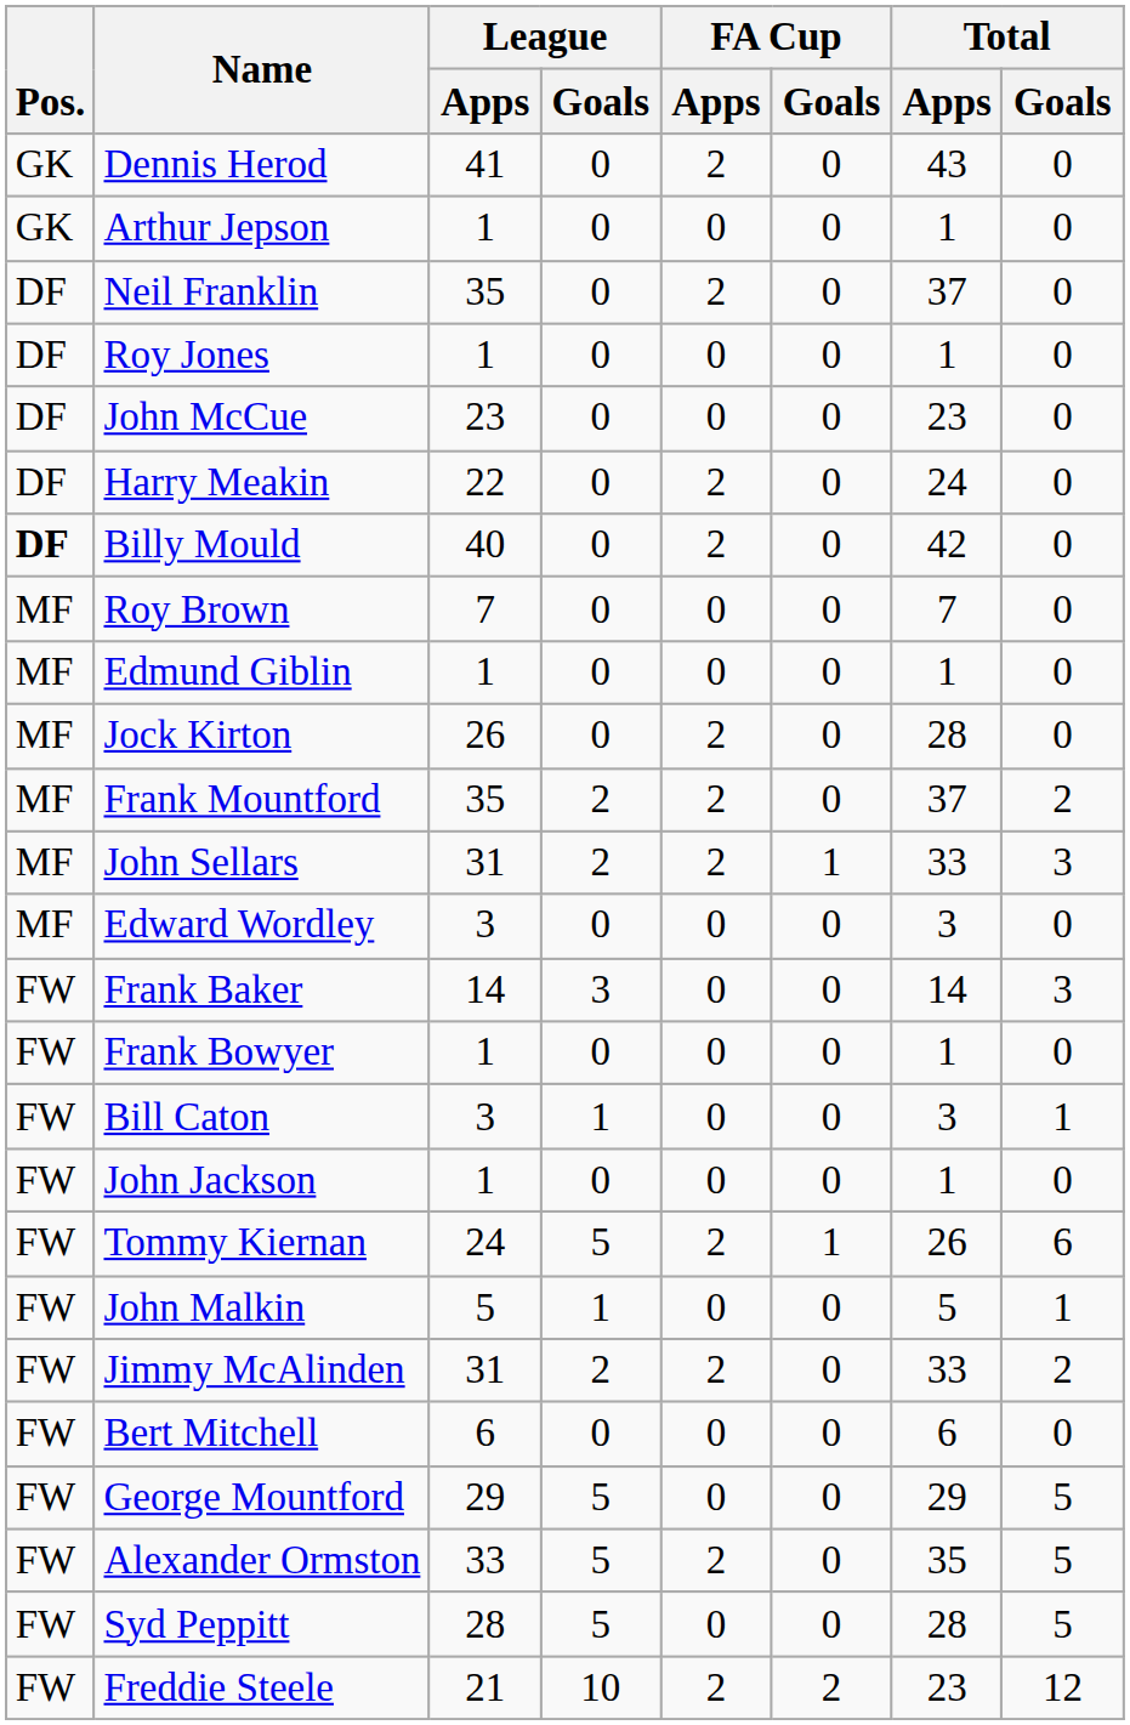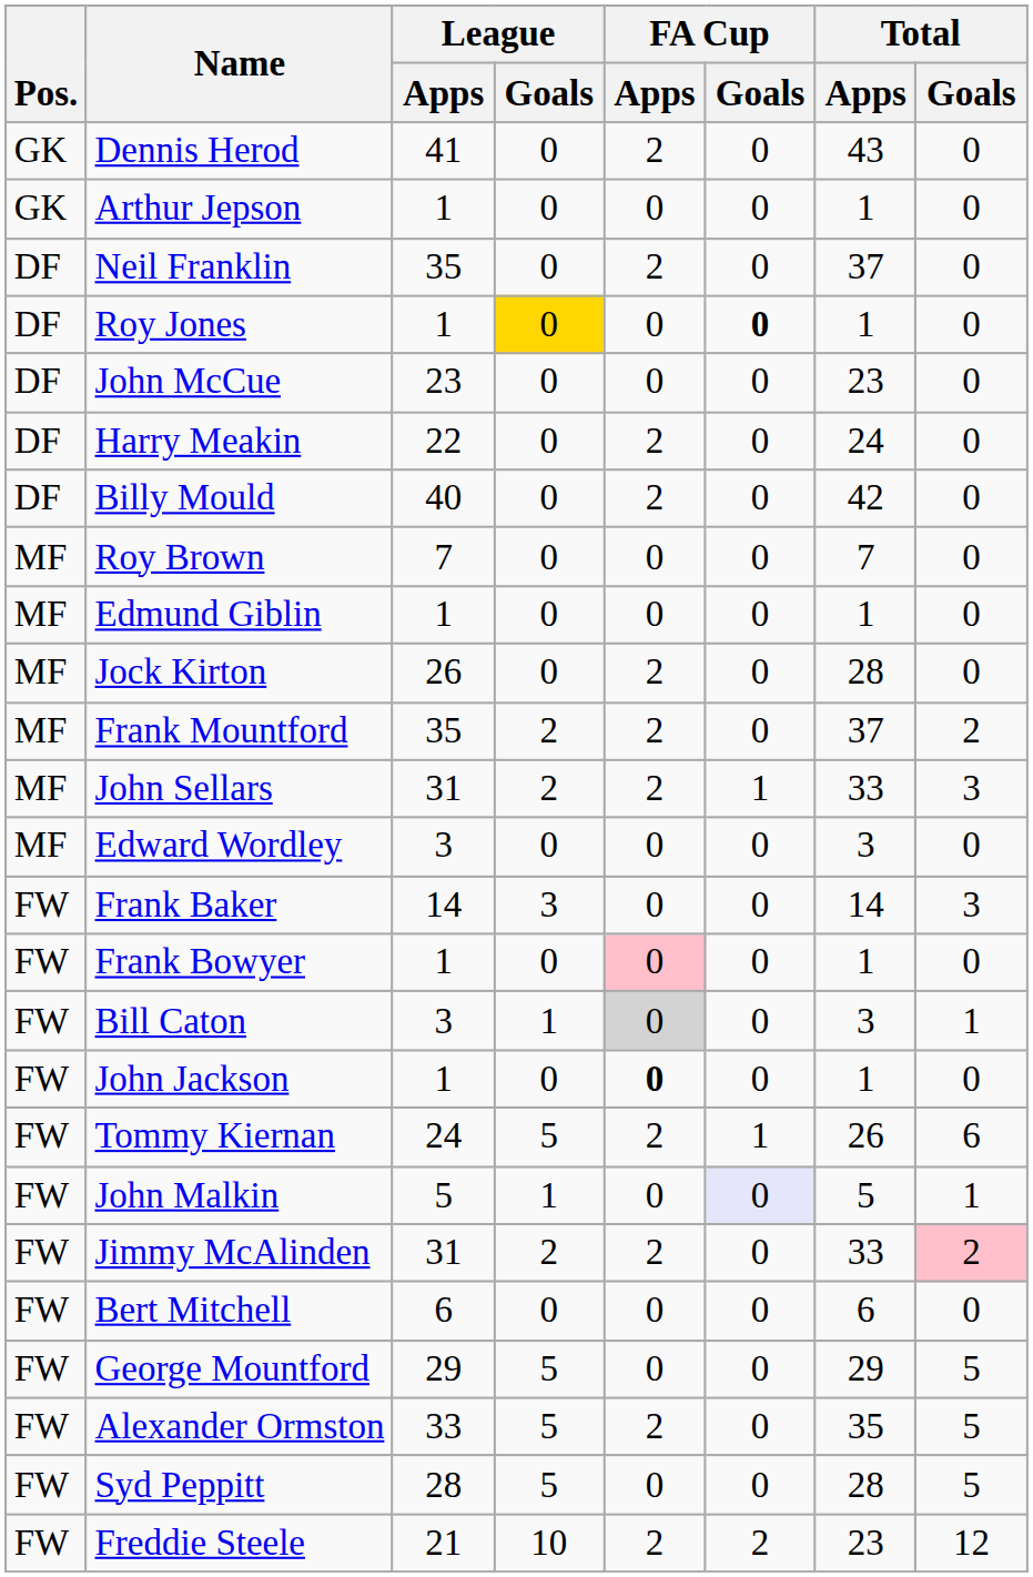 <table class="wikitable" style="text-align:center">
 <tr>
 <th rowspan="2" valign="bottom">Pos.</th>
 <th rowspan="2">Name</th>
 <th colspan="2" width="85">League</th>
 <th colspan="2" width="85">FA Cup</th>
 <th colspan="2" width="85">Total</th>
 </tr>
 <tr>
 <th>Apps</th>
 <th>Goals</th>
 <th>Apps</th>
 <th>Goals</th>
 <th>Apps</th>
 <th>Goals</th>
 </tr>
 <tr>
 <td align="left">GK</td>
 <td align="left"> <a href='#'>Dennis Herod</a></td>
 <td>41</td>
 <td>0</td>
 <td>2</td>
 <td>0</td>
 <td>43</td>
 <td>0</td>
 </tr>
 <tr>
 <td align="left">GK</td>
 <td align="left"> <a href='#'>Arthur Jepson</a></td>
 <td>1</td>
 <td>0</td>
 <td>0</td>
 <td>0</td>
 <td>1</td>
 <td>0</td>
 </tr>
 <tr>
 <td align="left">DF</td>
 <td align="left"> <a href='#'>Neil Franklin</a></td>
 <td>35</td>
 <td>0</td>
 <td>2</td>
 <td>0</td>
 <td>37</td>
 <td>0</td>
 </tr>
 <tr>
 <td align="left">DF</td>
 <td align="left"> <a href='#'>Roy Jones</a></td>
 <td>1</td>
+<td style="background: gold;">0</td>
 <td>0</td>
-<td>0</td>
-<td>0</td>
+<td><strong>0</strong></td>
 <td>1</td>
 <td>0</td>
 </tr>
 <tr>
 <td align="left">DF</td>
 <td align="left"> <a href='#'>John McCue</a></td>
 <td>23</td>
 <td>0</td>
 <td>0</td>
 <td>0</td>
 <td>23</td>
 <td>0</td>
 </tr>
 <tr>
 <td align="left">DF</td>
 <td align="left"> <a href='#'>Harry Meakin</a></td>
 <td>22</td>
 <td>0</td>
 <td>2</td>
 <td>0</td>
 <td>24</td>
 <td>0</td>
 </tr>
 <tr>
-<td align="left"><strong>DF</strong></td>
+<td align="left">DF</td>
 <td align="left"> <a href='#'>Billy Mould</a></td>
 <td>40</td>
 <td>0</td>
 <td>2</td>
 <td>0</td>
 <td>42</td>
 <td>0</td>
 </tr>
 <tr>
 <td align="left">MF</td>
 <td align="left"> <a href='#'>Roy Brown</a></td>
 <td>7</td>
 <td>0</td>
 <td>0</td>
 <td>0</td>
 <td>7</td>
 <td>0</td>
 </tr>
 <tr>
 <td align="left">MF</td>
 <td align="left"> <a href='#'>Edmund Giblin</a></td>
 <td>1</td>
 <td>0</td>
 <td>0</td>
 <td>0</td>
 <td>1</td>
 <td>0</td>
 </tr>
 <tr>
 <td align="left">MF</td>
 <td align="left"> <a href='#'>Jock Kirton</a></td>
 <td>26</td>
 <td>0</td>
 <td>2</td>
 <td>0</td>
 <td>28</td>
 <td>0</td>
 </tr>
 <tr>
 <td align="left">MF</td>
 <td align="left"> <a href='#'>Frank Mountford</a></td>
 <td>35</td>
 <td>2</td>
 <td>2</td>
 <td>0</td>
 <td>37</td>
 <td>2</td>
 </tr>
 <tr>
 <td align="left">MF</td>
 <td align="left"> <a href='#'>John Sellars</a></td>
 <td>31</td>
 <td>2</td>
 <td>2</td>
 <td>1</td>
 <td>33</td>
 <td>3</td>
 </tr>
 <tr>
 <td align="left">MF</td>
 <td align="left"> <a href='#'>Edward Wordley</a></td>
 <td>3</td>
 <td>0</td>
 <td>0</td>
 <td>0</td>
 <td>3</td>
 <td>0</td>
 </tr>
 <tr>
 <td align="left">FW</td>
 <td align="left"> <a href='#'>Frank Baker</a></td>
 <td>14</td>
 <td>3</td>
 <td>0</td>
 <td>0</td>
 <td>14</td>
 <td>3</td>
 </tr>
 <tr>
 <td align="left">FW</td>
 <td align="left"> <a href='#'>Frank Bowyer</a></td>
 <td>1</td>
 <td>0</td>
-<td>0</td>
+<td style="background: pink;">0</td>
 <td>0</td>
 <td>1</td>
 <td>0</td>
 </tr>
 <tr>
 <td align="left">FW</td>
 <td align="left"> <a href='#'>Bill Caton</a></td>
 <td>3</td>
 <td>1</td>
-<td>0</td>
+<td style="background: lightgrey;">0</td>
 <td>0</td>
 <td>3</td>
 <td>1</td>
 </tr>
 <tr>
 <td align="left">FW</td>
 <td align="left"> <a href='#'>John Jackson</a></td>
 <td>1</td>
 <td>0</td>
-<td>0</td>
+<td><strong>0</strong></td>
 <td>0</td>
 <td>1</td>
 <td>0</td>
 </tr>
 <tr>
 <td align="left">FW</td>
 <td align="left"> <a href='#'>Tommy Kiernan</a></td>
 <td>24</td>
 <td>5</td>
 <td>2</td>
 <td>1</td>
 <td>26</td>
 <td>6</td>
 </tr>
 <tr>
 <td align="left">FW</td>
 <td align="left"> <a href='#'>John Malkin</a></td>
 <td>5</td>
 <td>1</td>
 <td>0</td>
-<td>0</td>
+<td style="background: lavender;">0</td>
 <td>5</td>
 <td>1</td>
 </tr>
 <tr>
 <td align="left">FW</td>
 <td align="left"> <a href='#'>Jimmy McAlinden</a></td>
 <td>31</td>
 <td>2</td>
 <td>2</td>
 <td>0</td>
 <td>33</td>
-<td>2</td>
+<td style="background: pink;">2</td>
 </tr>
 <tr>
 <td align="left">FW</td>
 <td align="left"> <a href='#'>Bert Mitchell</a></td>
 <td>6</td>
 <td>0</td>
 <td>0</td>
 <td>0</td>
 <td>6</td>
 <td>0</td>
 </tr>
 <tr>
 <td align="left">FW</td>
 <td align="left"> <a href='#'>George Mountford</a></td>
 <td>29</td>
 <td>5</td>
 <td>0</td>
 <td>0</td>
 <td>29</td>
 <td>5</td>
 </tr>
 <tr>
 <td align="left">FW</td>
 <td align="left"> <a href='#'>Alexander Ormston</a></td>
 <td>33</td>
 <td>5</td>
 <td>2</td>
 <td>0</td>
 <td>35</td>
 <td>5</td>
 </tr>
 <tr>
 <td align="left">FW</td>
 <td align="left"> <a href='#'>Syd Peppitt</a></td>
 <td>28</td>
 <td>5</td>
 <td>0</td>
 <td>0</td>
 <td>28</td>
 <td>5</td>
 </tr>
 <tr>
 <td align="left">FW</td>
 <td align="left"> <a href='#'>Freddie Steele</a></td>
 <td>21</td>
 <td>10</td>
 <td>2</td>
 <td>2</td>
 <td>23</td>
 <td>12</td>
 </tr>
 </table>
